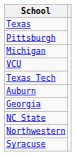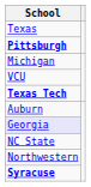 <table class="wikitable">
 <tr>
 <th>School</th>
 <th></th>
 </tr>
 <tr>
 <td><a href='#'>Texas</a></td>
 <td rowspan="2"></td>
 </tr>
 <tr>
-<td><a href='#'>Pittsburgh</a></td>
+<td><strong><a href='#'>Pittsburgh</a></strong></td>
 </tr>
 <tr>
 <td><a href='#'>Michigan</a></td>
 <td rowspan="3"></td>
 </tr>
 <tr>
 <td><a href='#'>VCU</a></td>
 </tr>
 <tr>
-<td><a href='#'>Texas Tech</a></td>
+<td><strong><a href='#'>Texas Tech</a></strong></td>
 </tr>
 <tr>
 <td><a href='#'>Auburn</a></td>
 <td rowspan="5"></td>
 </tr>
 <tr>
-<td><a href='#'>Georgia</a></td>
+<td style="background: lavender;"><a href='#'>Georgia</a></td>
 </tr>
 <tr>
 <td><a href='#'>NC State</a></td>
 </tr>
 <tr>
 <td><a href='#'>Northwestern</a></td>
 </tr>
 <tr>
-<td><a href='#'>Syracuse</a></td>
+<td><strong><a href='#'>Syracuse</a></strong></td>
 </tr>
 </table>
